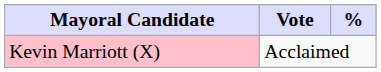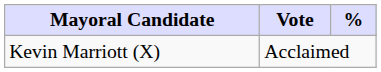 <table class="wikitable">
 <tr>
 <th style="background:#ddf; width:200px;">Mayoral Candidate </th>
 <th style="background:#ddf; width:50px;">Vote</th>
 <th style="background:#ddf; width:30px;">%</th>
 </tr>
 <tr>
-<td style="background: pink;">Kevin Marriott (X)</td>
+<td>Kevin Marriott (X)</td>
 <td colspan="2">Acclaimed</td>
 </tr>
 </table>
